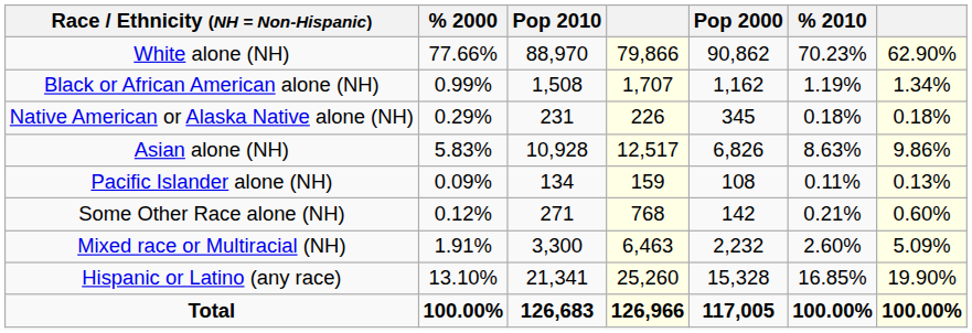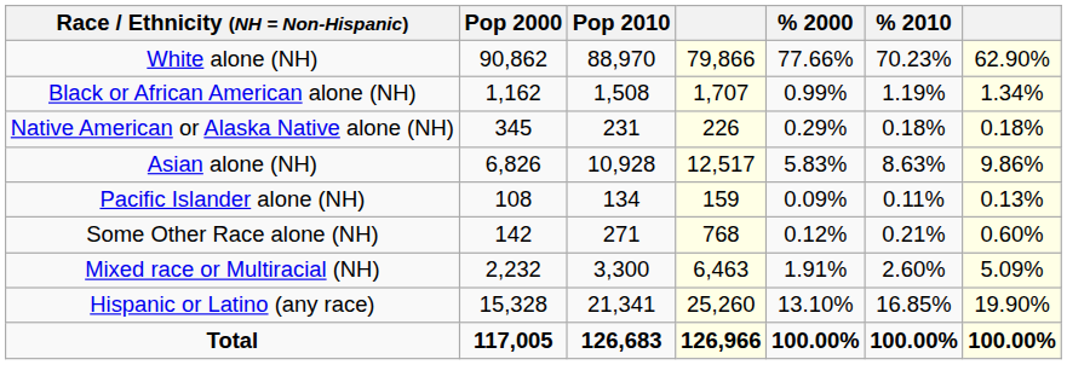 <table class="wikitable" style="text-align:center;">
 <tr>
 <th>Race / Ethnicity <small>(<em>NH = Non-Hispanic</em>)</small></th>
-<th>% 2000</th>
+<th>Pop 2000</th>
 <th>Pop 2010</th>
 <th></th>
-<th>Pop 2000</th>
+<th>% 2000</th>
 <th>% 2010</th>
 <th></th>
 </tr>
 <tr>
 <td><a href='#'>White</a> alone (NH)</td>
-<td>77.66%</td>
+<td>90,862</td>
 <td>88,970</td>
 <td style='background: #ffffe6;'>79,866</td>
-<td>90,862</td>
+<td>77.66%</td>
 <td>70.23%</td>
 <td style='background: #ffffe6;'>62.90%</td>
 </tr>
 <tr>
 <td><a href='#'>Black or African American</a> alone (NH)</td>
-<td>0.99%</td>
+<td>1,162</td>
 <td>1,508</td>
 <td style='background: #ffffe6;'>1,707</td>
-<td>1,162</td>
+<td>0.99%</td>
 <td>1.19%</td>
 <td style='background: #ffffe6;'>1.34%</td>
 </tr>
 <tr>
 <td><a href='#'>Native American</a> or <a href='#'>Alaska Native</a> alone (NH)</td>
-<td>0.29%</td>
+<td>345</td>
 <td>231</td>
 <td style='background: #ffffe6;'>226</td>
-<td>345</td>
+<td>0.29%</td>
 <td>0.18%</td>
 <td style='background: #ffffe6;'>0.18%</td>
 </tr>
 <tr>
 <td><a href='#'>Asian</a> alone (NH)</td>
-<td>5.83%</td>
+<td>6,826</td>
 <td>10,928</td>
 <td style='background: #ffffe6;'>12,517</td>
-<td>6,826</td>
+<td>5.83%</td>
 <td>8.63%</td>
 <td style='background: #ffffe6;'>9.86%</td>
 </tr>
 <tr>
 <td><a href='#'>Pacific Islander</a> alone (NH)</td>
-<td>0.09%</td>
+<td>108</td>
 <td>134</td>
 <td style='background: #ffffe6;'>159</td>
-<td>108</td>
+<td>0.09%</td>
 <td>0.11%</td>
 <td style='background: #ffffe6;'>0.13%</td>
 </tr>
 <tr>
 <td>Some Other Race alone (NH)</td>
-<td>0.12%</td>
+<td>142</td>
 <td>271</td>
 <td style='background: #ffffe6;'>768</td>
-<td>142</td>
+<td>0.12%</td>
 <td>0.21%</td>
 <td style='background: #ffffe6;'>0.60%</td>
 </tr>
 <tr>
 <td><a href='#'>Mixed race or Multiracial</a> (NH)</td>
-<td>1.91%</td>
+<td>2,232</td>
 <td>3,300</td>
 <td style='background: #ffffe6;'>6,463</td>
-<td>2,232</td>
+<td>1.91%</td>
 <td>2.60%</td>
 <td style='background: #ffffe6;'>5.09%</td>
 </tr>
 <tr>
 <td><a href='#'>Hispanic or Latino</a> (any race)</td>
-<td>13.10%</td>
+<td>15,328</td>
 <td>21,341</td>
 <td style='background: #ffffe6;'>25,260</td>
-<td>15,328</td>
+<td>13.10%</td>
 <td>16.85%</td>
 <td style='background: #ffffe6;'>19.90%</td>
 </tr>
 <tr>
 <td><strong>Total</strong></td>
-<td><strong>100.00%</strong></td>
+<td><strong>117,005</strong></td>
 <td><strong>126,683</strong></td>
 <td style='background: #ffffe6;'><strong>126,966</strong></td>
-<td><strong>117,005</strong></td>
+<td><strong>100.00%</strong></td>
 <td><strong>100.00%</strong></td>
 <td style='background: #ffffe6;'><strong>100.00%</strong></td>
 </tr>
 </table>
